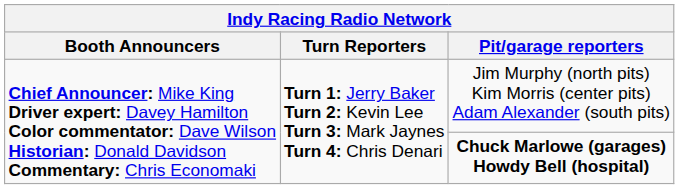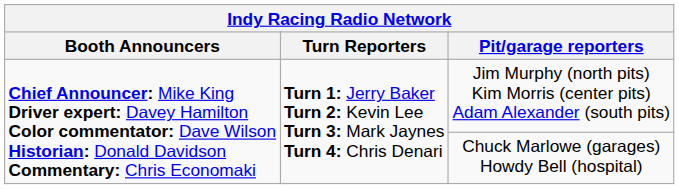 <table class="wikitable" style="font-size: 95%;">
 <tr>
 <th colspan=3><a href='#'>Indy Racing Radio Network</a></th>
 </tr>
 <tr>
 <th>Booth Announcers</th>
 <th>Turn Reporters</th>
 <th><a href='#'>Pit/garage reporters</a></th>
 </tr>
 <tr>
 <td valign="top" rowspan=2><br><strong><a href='#'>Chief Announcer</a>:</strong> <a href='#'>Mike King</a><br> <strong>Driver expert:</strong> <a href='#'>Davey Hamilton</a><br> <strong>Color commentator:</strong> <a href='#'>Dave Wilson</a><br> <strong><a href='#'>Historian</a>:</strong> <a href='#'>Donald Davidson</a><br> <strong>Commentary:</strong> <a href='#'>Chris Economaki</a><br></td>
 <td valign="top" rowspan=2><br><strong>Turn 1:</strong> <a href='#'>Jerry Baker</a><br>  <strong>Turn 2:</strong> Kevin Lee<br> <strong>Turn 3:</strong> Mark Jaynes<br> <strong>Turn 4:</strong> Chris Denari<br></td>
 <td align="center" valign="top">Jim Murphy (north pits)<br>Kim Morris (center pits)<br><a href='#'>Adam Alexander</a> (south pits)<br></td>
 </tr>
 <tr>
-<td align="center" valign="top"><strong>Chuck Marlowe (garages)<br>Howdy Bell (hospital)<br></strong></td>
+<td align="center" valign="top">Chuck Marlowe (garages)<br>Howdy Bell (hospital)<br></td>
 </tr>
 </table>
